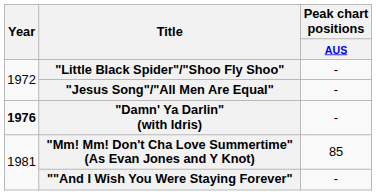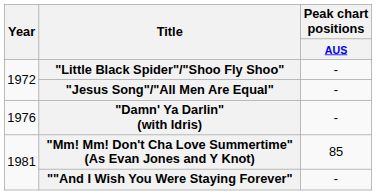 <table class="wikitable plainrowheaders" style="text-align:center;" border="1">
 <tr>
 <th scope="col" rowspan="2">Year</th>
 <th scope="col" rowspan="2" style="width:20em;">Title</th>
 <th scope="col" colspan="1">Peak chart<br>positions</th>
 </tr>
 <tr>
 <th scope="col" style="text-align:center;"><small><a href='#'>AUS</a></small><br></th>
 </tr>
 <tr>
 <td rowspan="2">1972</td>
 <th scope="row">"Little Black Spider"/"Shoo Fly Shoo"</th>
 <td style="text-align:center;">-</td>
 </tr>
 <tr>
 <th scope="row">"Jesus Song"/"All Men Are Equal"</th>
 <td style="text-align:center;">-</td>
 </tr>
 <tr>
-<td><strong>1976</strong></td>
+<td>1976</td>
 <th scope="row">"Damn' Ya Darlin" <br> (with Idris)</th>
 <td style="text-align:center;">-</td>
 </tr>
 <tr>
 <td rowspan="2">1981</td>
 <th scope="row">"Mm! Mm! Don't Cha Love Summertime" <br> (As Evan Jones and Y Knot)</th>
 <td style="text-align:center;">85</td>
 </tr>
 <tr>
 <th scope="row">""And I Wish You Were Staying Forever"</th>
 <td style="text-align:center;">-</td>
 </tr>
 </table>
